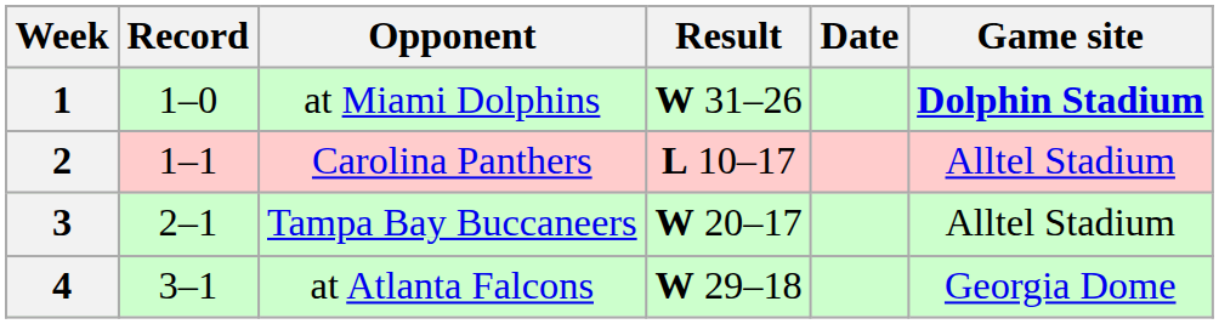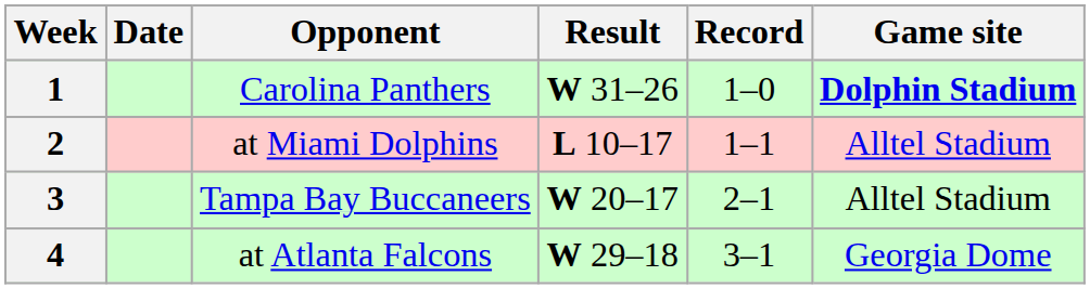 <table class="wikitable" style="text-align:center">
 <tr>
 <th>Week</th>
-<th>Record</th>
+<th>Date</th>
 <th>Opponent</th>
 <th>Result</th>
-<th>Date</th>
+<th>Record</th>
 <th>Game site</th>
 </tr>
 <tr style="background:#cfc;">
 <th>1</th>
+<td></td>
+<td><a href='#'>Carolina Panthers</a></td>
+<td><strong>W</strong> 31–26</td>
 <td>1–0</td>
-<td>at <a href='#'>Miami Dolphins</a></td>
-<td><strong>W</strong> 31–26</td>
-<td></td>
 <td><strong><a href='#'>Dolphin Stadium</a></strong></td>
 </tr>
 <tr style="background:#fcc;">
 <th>2</th>
+<td></td>
+<td>at <a href='#'>Miami Dolphins</a></td>
+<td><strong>L</strong> 10–17</td>
 <td>1–1</td>
-<td><a href='#'>Carolina Panthers</a></td>
-<td><strong>L</strong> 10–17</td>
-<td></td>
 <td><a href='#'>Alltel Stadium</a></td>
 </tr>
 <tr style="background:#cfc;">
 <th>3</th>
-<td>2–1</td>
+<td></td>
 <td><a href='#'>Tampa Bay Buccaneers</a></td>
 <td><strong>W</strong> 20–17</td>
-<td></td>
+<td>2–1</td>
 <td>Alltel Stadium</td>
 </tr>
 <tr style="background:#cfc;">
 <th>4</th>
-<td>3–1</td>
+<td></td>
 <td>at <a href='#'>Atlanta Falcons</a></td>
 <td><strong>W</strong> 29–18</td>
-<td></td>
+<td>3–1</td>
 <td><a href='#'>Georgia Dome</a></td>
 </tr>
 </table>
